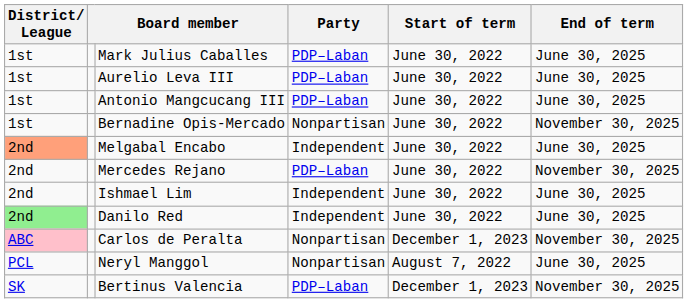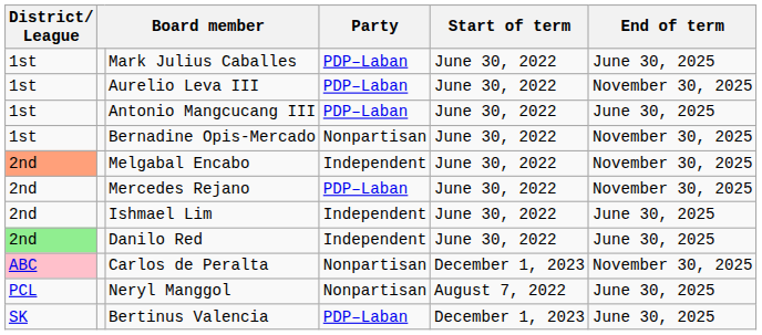 <table class="wikitable">
 <tr>
 <th>District/<br>League</th>
 <th colspan="2">Board member</th>
 <th>Party</th>
 <th>Start of term</th>
 <th>End of term</th>
 </tr>
 <tr>
 <td>1st</td>
 <td></td>
 <td>Mark Julius Caballes</td>
 <td><a href='#'>PDP–Laban</a></td>
 <td>June 30, 2022</td>
 <td>June 30, 2025</td>
 </tr>
 <tr>
 <td>1st</td>
 <td></td>
 <td>Aurelio Leva III</td>
 <td><a href='#'>PDP–Laban</a></td>
 <td>June 30, 2022</td>
-<td>June 30, 2025</td>
+<td>November 30, 2025</td>
 </tr>
 <tr>
 <td>1st</td>
 <td></td>
 <td>Antonio Mangcucang III</td>
 <td><a href='#'>PDP–Laban</a></td>
 <td>June 30, 2022</td>
 <td>June 30, 2025</td>
 </tr>
 <tr>
 <td>1st</td>
 <td></td>
 <td>Bernadine Opis-Mercado</td>
 <td>Nonpartisan</td>
 <td>June 30, 2022</td>
 <td>November 30, 2025</td>
 </tr>
 <tr>
 <td style="background: lightsalmon;">2nd</td>
 <td></td>
 <td>Melgabal Encabo</td>
 <td>Independent</td>
 <td>June 30, 2022</td>
-<td>June 30, 2025</td>
+<td>November 30, 2025</td>
 </tr>
 <tr>
 <td>2nd</td>
 <td></td>
 <td>Mercedes Rejano</td>
 <td><a href='#'>PDP–Laban</a></td>
 <td>June 30, 2022</td>
 <td>November 30, 2025</td>
 </tr>
 <tr>
 <td>2nd</td>
 <td></td>
 <td>Ishmael Lim</td>
 <td>Independent</td>
 <td>June 30, 2022</td>
 <td>June 30, 2025</td>
 </tr>
 <tr>
 <td style="background: lightgreen;">2nd</td>
 <td></td>
 <td>Danilo Red</td>
 <td>Independent</td>
 <td>June 30, 2022</td>
 <td>June 30, 2025</td>
 </tr>
 <tr>
 <td style="background: pink;"><a href='#'>ABC</a></td>
 <td></td>
 <td>Carlos de Peralta</td>
 <td>Nonpartisan</td>
 <td>December 1, 2023</td>
 <td>November 30, 2025</td>
 </tr>
 <tr>
 <td><a href='#'>PCL</a></td>
 <td></td>
 <td>Neryl Manggol</td>
 <td>Nonpartisan</td>
 <td>August 7, 2022</td>
 <td>June 30, 2025</td>
 </tr>
 <tr>
 <td><a href='#'>SK</a></td>
 <td></td>
 <td>Bertinus Valencia</td>
 <td><a href='#'>PDP–Laban</a></td>
 <td>December 1, 2023</td>
-<td>November 30, 2025</td>
+<td>June 30, 2025</td>
 </tr>
 </table>
